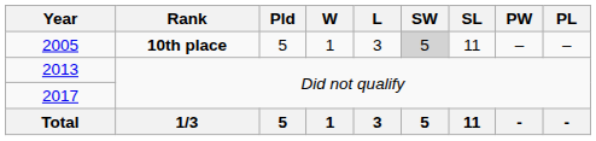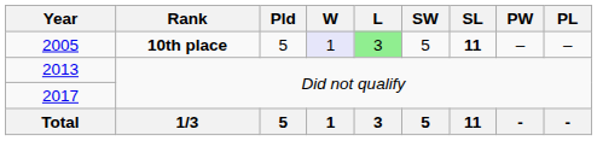 <table class="wikitable" style="text-align: center;font-size:90%;">
 <tr>
 <th width=90>Year</th>
 <th width=120>Rank</th>
 <th width=35>Pld</th>
 <th width=35>W</th>
 <th width=35>L</th>
 <th width=35>SW</th>
 <th width=35>SL</th>
 <th width=35>PW</th>
 <th width=35>PL</th>
 </tr>
 <tr>
 <td> <a href='#'>2005</a></td>
 <td><strong>10th place</strong></td>
 <td>5</td>
-<td>1</td>
-<td>3</td>
-<td style="background: lightgrey;">5</td>
-<td>11</td>
+<td style="background: lavender;">1</td>
+<td style="background: lightgreen;">3</td>
+<td>5</td>
+<td><strong>11</strong></td>
 <td>–</td>
 <td>–</td>
 </tr>
 <tr>
 <td> <a href='#'>2013</a></td>
 <td rowspan=2 colspan=8><em>Did not qualify</em></td>
 </tr>
 <tr>
 <td> <a href='#'>2017</a></td>
 </tr>
 <tr>
 <th>Total</th>
 <th>1/3</th>
 <th>5</th>
 <th>1</th>
 <th>3</th>
 <th>5</th>
 <th>11</th>
 <th>-</th>
 <th>-</th>
 </tr>
 </table>
